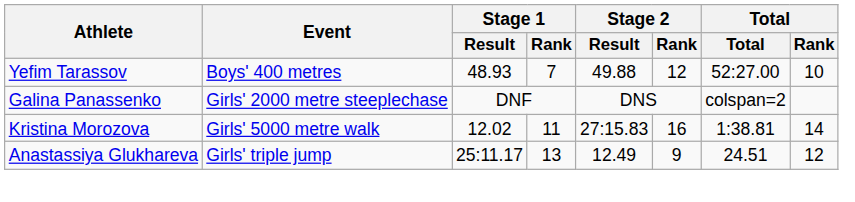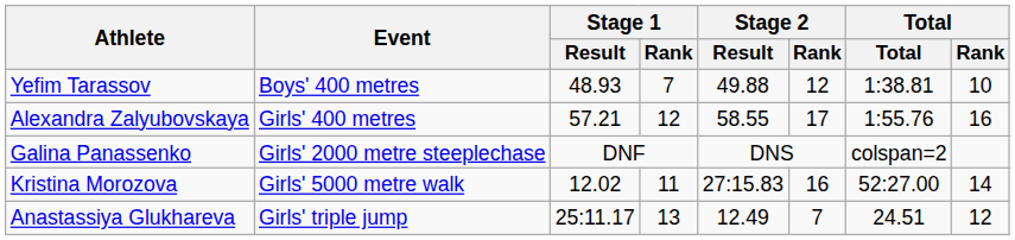 <table class="wikitable" style="font-size:90%">
 <tr>
 <th rowspan=2>Athlete</th>
 <th rowspan=2>Event</th>
 <th colspan=2>Stage 1</th>
 <th colspan=2>Stage 2</th>
 <th colspan=2>Total</th>
 </tr>
 <tr style="font-size:95%">
 <th>Result</th>
 <th>Rank</th>
 <th>Result</th>
 <th>Rank</th>
 <th>Total</th>
 <th>Rank</th>
 </tr>
 <tr align=center>
 <td align=left><a href='#'>Yefim Tarassov</a></td>
 <td align=left><a href='#'>Boys' 400 metres</a></td>
 <td>48.93</td>
 <td>7</td>
 <td>49.88</td>
 <td>12</td>
-<td>52:27.00</td>
+<td>1:38.81</td>
 <td>10</td>
+</tr>
+<tr align=center>
+<td align=left><a href='#'>Alexandra Zalyubovskaya</a></td>
+<td align=left><a href='#'>Girls' 400 metres</a></td>
+<td>57.21</td>
+<td>12</td>
+<td>58.55</td>
+<td>17</td>
+<td>1:55.76</td>
+<td>16</td>
 </tr>
 <tr align=center>
 <td align=left><a href='#'>Galina Panassenko</a></td>
 <td align=left><a href='#'>Girls' 2000 metre steeplechase</a></td>
 <td colspan=2>DNF</td>
 <td colspan=2>DNS</td>
 <td>colspan=2 </td>
 </tr>
 <tr align=center>
 <td align=left><a href='#'>Kristina Morozova</a></td>
 <td align=left><a href='#'>Girls' 5000 metre walk</a></td>
 <td>12.02</td>
 <td>11</td>
 <td>27:15.83</td>
 <td>16</td>
-<td>1:38.81</td>
+<td>52:27.00</td>
 <td>14</td>
 </tr>
 <tr align=center>
 <td align=left><a href='#'>Anastassiya Glukhareva</a></td>
 <td align=left><a href='#'>Girls' triple jump</a></td>
 <td>25:11.17</td>
 <td>13</td>
 <td>12.49</td>
-<td>9</td>
+<td>7</td>
 <td>24.51</td>
 <td>12</td>
 </tr>
 </table>
